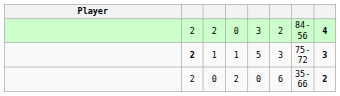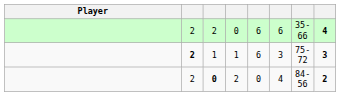 <table class="wikitable" style="text-align: center; font-size:90% ">
 <tr>
 <th width=240>Player</th>
 <th width=25></th>
 <th width=25></th>
 <th width=25></th>
 <th width=25></th>
 <th width=25></th>
 <th width=25></th>
 <th width=25></th>
 </tr>
 <tr bgcolor="ccffcc">
 <td align=left></td>
 <td>2</td>
 <td>2</td>
 <td>0</td>
-<td>3</td>
-<td>2</td>
-<td>84-56</td>
+<td>6</td>
+<td>6</td>
+<td>35-66</td>
 <td><strong>4</strong></td>
 </tr>
 <tr>
 <td align=left></td>
 <td><strong>2</strong></td>
 <td>1</td>
 <td>1</td>
-<td>5</td>
+<td>6</td>
 <td>3</td>
 <td>75-72</td>
 <td><strong>3</strong></td>
 </tr>
 <tr>
 <td align=left></td>
 <td>2</td>
-<td>0</td>
+<td><strong>0</strong></td>
 <td>2</td>
 <td>0</td>
-<td>6</td>
-<td>35-66</td>
+<td>4</td>
+<td>84-56</td>
 <td><strong>2</strong></td>
 </tr>
 </table>
